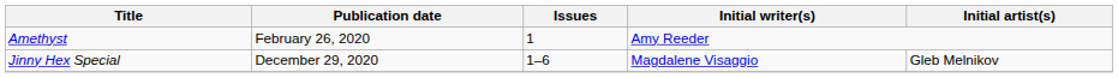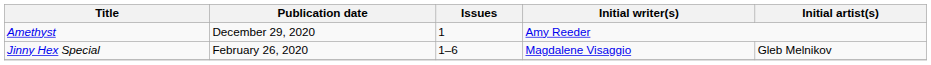 <table class="wikitable" style="width:100%">
 <tr>
 <th>Title</th>
 <th>Publication date</th>
 <th>Issues</th>
 <th>Initial writer(s)</th>
 <th>Initial artist(s)</th>
 </tr>
 <tr>
 <td><em><a href='#'>Amethyst</a></em></td>
-<td>February 26, 2020</td>
+<td>December 29, 2020</td>
 <td>1</td>
 <td colspan='2'><a href='#'>Amy Reeder</a></td>
 </tr>
 <tr>
 <td><em><a href='#'>Jinny Hex</a> Special</em></td>
-<td>December 29, 2020</td>
+<td>February 26, 2020</td>
 <td>1–6</td>
 <td><a href='#'>Magdalene Visaggio</a></td>
 <td>Gleb Melnikov</td>
 </tr>
 <tr>
 </tr>
 </table>
